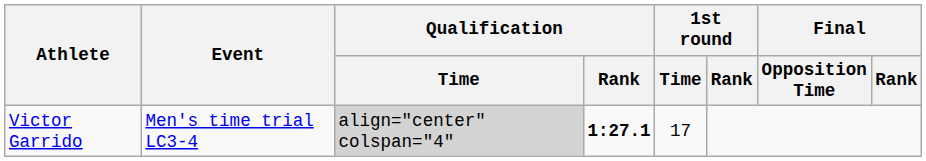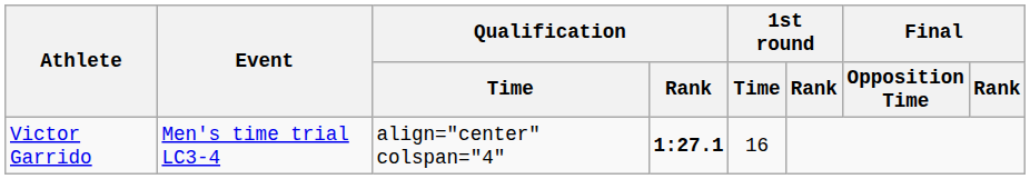 <table class=wikitable style="font-size:90%">
 <tr>
 <th rowspan="2">Athlete</th>
 <th rowspan="2">Event</th>
 <th colspan="2">Qualification</th>
 <th colspan="2">1st round</th>
 <th colspan="2">Final</th>
 </tr>
 <tr>
 <th>Time</th>
 <th>Rank</th>
 <th>Time</th>
 <th>Rank</th>
 <th>Opposition<br>Time</th>
 <th>Rank</th>
 </tr>
 <tr>
 <td><a href='#'>Victor Garrido</a></td>
 <td><a href='#'>Men's time trial LC3-4</a></td>
-<td style="background: lightgrey;">align="center" colspan="4" </td>
+<td>align="center" colspan="4" </td>
 <td align="center"><strong>1:27.1</strong></td>
-<td align="center">17</td>
+<td align="center">16</td>
 </tr>
 </table>
